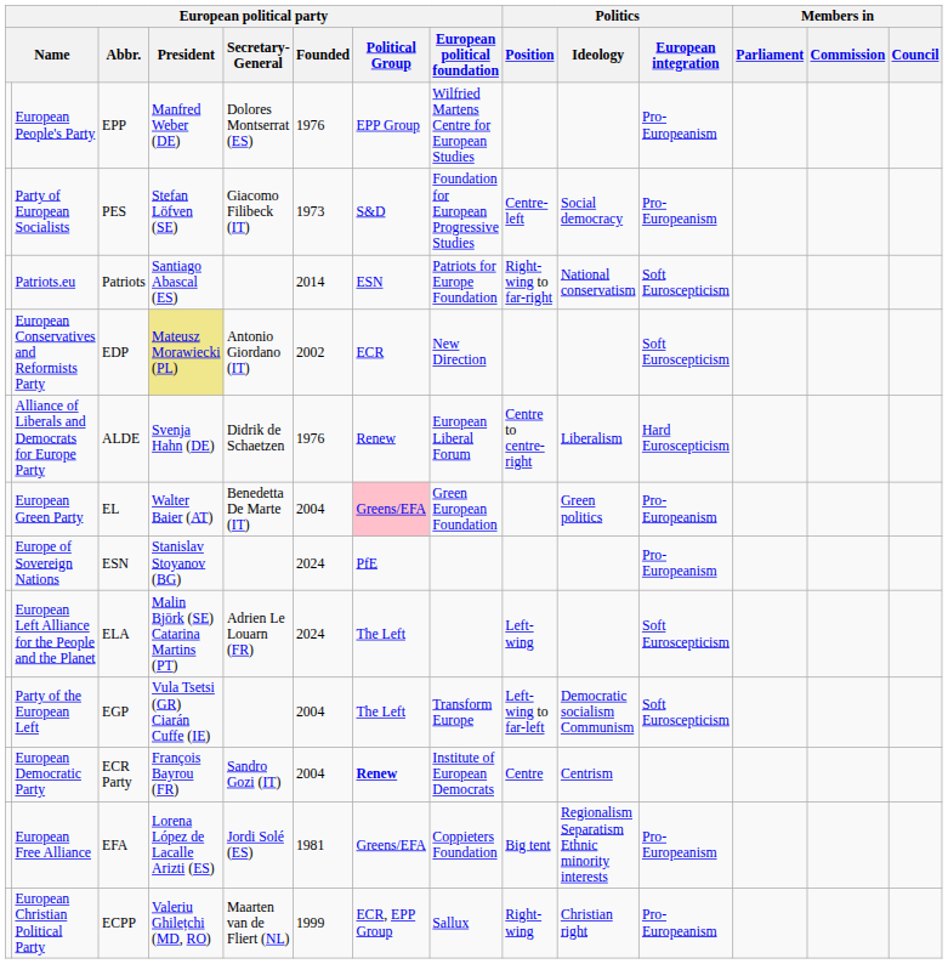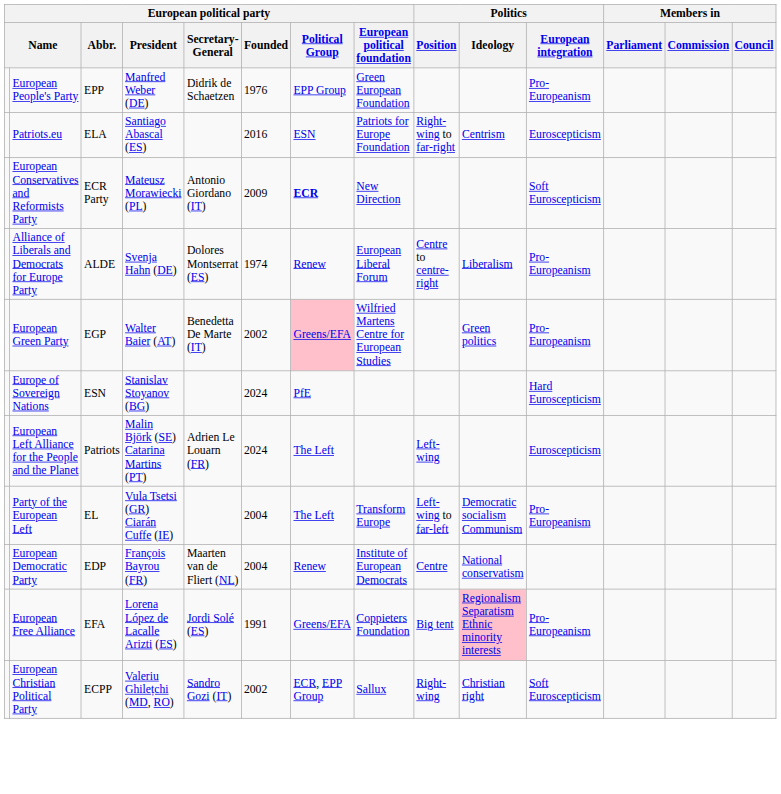 <table class="wikitable centre sortable">
 <tr>
 <th colspan="8">European political party</th>
 <th colspan="3">Politics</th>
 <th colspan="3">Members in</th>
 </tr>
 <tr>
 <th colspan="2">Name</th>
 <th>Abbr.</th>
 <th>President</th>
 <th>Secretary-General</th>
 <th>Founded</th>
 <th><a href='#'>Political Group</a></th>
 <th><a href='#'>European political foundation</a></th>
 <th><a href='#'>Position</a></th>
 <th>Ideology</th>
 <th><a href='#'>European integration</a></th>
 <th><a href='#'>Parliament</a></th>
 <th><a href='#'>Commission</a></th>
 <th><a href='#'>Council</a></th>
 </tr>
 <tr>
 <td></td>
 <td><a href='#'>European People's Party</a></td>
 <td>EPP</td>
 <td><a href='#'>Manfred Weber</a> (<a href='#'>DE</a>)</td>
-<td>Dolores Montserrat (<a href='#'>ES</a>)</td>
+<td>Didrik de Schaetzen</td>
 <td>1976</td>
 <td><a href='#'>EPP Group</a></td>
-<td><a href='#'>Wilfried Martens Centre for European Studies</a></td>
+<td><a href='#'>Green European Foundation</a></td>
 <td></td>
 <td></td>
 <td><a href='#'>Pro-Europeanism</a></td>
 <td></td>
 <td></td>
 <td><br></td>
 </tr>
 <tr>
 <td></td>
-<td><a href='#'>Party of European Socialists</a></td>
-<td>PES</td>
-<td><a href='#'>Stefan Löfven</a> (<a href='#'>SE</a>)</td>
-<td>Giacomo Filibeck (<a href='#'>IT</a>)</td>
-<td>1973</td>
-<td><a href='#'>S&D</a></td>
-<td><a href='#'>Foundation for European Progressive Studies</a></td>
-<td><a href='#'>Centre-left</a></td>
-<td><a href='#'>Social democracy</a></td>
-<td><a href='#'>Pro-Europeanism</a></td>
-<td></td>
-<td></td>
-<td><br></td>
-</tr>
-<tr>
-<td></td>
 <td><a href='#'>Patriots.eu</a></td>
-<td>Patriots</td>
+<td>ELA</td>
 <td><a href='#'>Santiago Abascal</a> (<a href='#'>ES</a>)</td>
 <td></td>
-<td>2014</td>
+<td>2016</td>
 <td><a href='#'>ESN</a></td>
 <td><a href='#'>Patriots for Europe Foundation</a></td>
 <td><a href='#'>Right-wing</a> to <a href='#'>far-right</a></td>
-<td><a href='#'>National conservatism</a> </td>
-<td><a href='#'>Soft Euroscepticism</a></td>
+<td><a href='#'>Centrism</a></td>
+<td><a href='#'>Euroscepticism</a></td>
 <td></td>
 <td></td>
 <td><br></td>
 </tr>
 <tr>
 <td></td>
 <td><a href='#'>European Conservatives and Reformists Party</a></td>
-<td>EDP</td>
-<td style="background: khaki;"><a href='#'>Mateusz Morawiecki</a> (<a href='#'>PL</a>)</td>
+<td>ECR Party</td>
+<td><a href='#'>Mateusz Morawiecki</a> (<a href='#'>PL</a>)</td>
 <td>Antonio Giordano (<a href='#'>IT</a>)</td>
-<td>2002</td>
-<td><a href='#'>ECR</a></td>
+<td>2009</td>
+<td><strong><a href='#'>ECR</a></strong></td>
 <td><a href='#'>New Direction</a></td>
 <td></td>
 <td></td>
 <td><a href='#'>Soft Euroscepticism</a></td>
 <td></td>
 <td></td>
 <td><br></td>
 </tr>
 <tr>
 <td></td>
 <td><a href='#'>Alliance of Liberals and Democrats for Europe Party</a></td>
 <td>ALDE</td>
 <td><a href='#'>Svenja Hahn</a> (<a href='#'>DE</a>)</td>
-<td>Didrik de Schaetzen</td>
-<td>1976</td>
+<td>Dolores Montserrat (<a href='#'>ES</a>)</td>
+<td>1974</td>
 <td><a href='#'>Renew</a></td>
 <td><a href='#'>European Liberal Forum</a></td>
 <td><a href='#'>Centre</a> to <a href='#'>centre-right</a></td>
 <td><a href='#'>Liberalism</a></td>
-<td><a href='#'>Hard Euroscepticism</a></td>
+<td><a href='#'>Pro-Europeanism</a></td>
 <td></td>
 <td></td>
 <td><br></td>
 </tr>
 <tr>
 <td></td>
 <td><a href='#'>European Green Party</a></td>
-<td>EL</td>
+<td>EGP</td>
 <td><a href='#'>Walter Baier</a> (<a href='#'>AT</a>)</td>
 <td>Benedetta De Marte (<a href='#'>IT</a>)</td>
-<td>2004</td>
+<td>2002</td>
 <td style="background: pink;"><a href='#'>Greens/EFA</a></td>
-<td><a href='#'>Green European Foundation</a></td>
+<td><a href='#'>Wilfried Martens Centre for European Studies</a></td>
 <td></td>
 <td><a href='#'>Green politics</a></td>
 <td><a href='#'>Pro-Europeanism</a></td>
 <td></td>
 <td></td>
 <td><br></td>
 </tr>
 <tr>
 <td></td>
 <td><a href='#'>Europe of Sovereign Nations</a></td>
 <td>ESN</td>
 <td><a href='#'>Stanislav Stoyanov</a> (<a href='#'>BG</a>)</td>
 <td></td>
 <td>2024</td>
 <td><a href='#'>PfE</a></td>
 <td></td>
 <td></td>
 <td></td>
+<td><a href='#'>Hard Euroscepticism</a></td>
+<td></td>
+<td></td>
+<td><br></td>
+</tr>
+<tr>
+<td></td>
+<td><a href='#'>European Left Alliance for the People and the Planet</a></td>
+<td>Patriots</td>
+<td><a href='#'>Malin Björk</a> (<a href='#'>SE</a>)<br><a href='#'>Catarina Martins</a> (<a href='#'>PT</a>)</td>
+<td>Adrien Le Louarn (<a href='#'>FR</a>)</td>
+<td>2024</td>
+<td><a href='#'>The Left</a></td>
+<td></td>
+<td><a href='#'>Left-wing</a></td>
+<td></td>
+<td><a href='#'>Euroscepticism</a></td>
+<td></td>
+<td></td>
+<td><br></td>
+</tr>
+<tr>
+<td></td>
+<td><a href='#'>Party of the European Left</a></td>
+<td>EL</td>
+<td><a href='#'>Vula Tsetsi</a> (<a href='#'>GR</a>)<br><a href='#'>Ciarán Cuffe</a> (<a href='#'>IE</a>)</td>
+<td></td>
+<td>2004</td>
+<td><a href='#'>The Left</a></td>
+<td><a href='#'>Transform Europe</a></td>
+<td><a href='#'>Left-wing</a> to <a href='#'>far-left</a></td>
+<td><a href='#'>Democratic socialism</a><br> <a href='#'>Communism</a></td>
 <td><a href='#'>Pro-Europeanism</a></td>
 <td></td>
 <td></td>
 <td><br></td>
 </tr>
 <tr>
 <td></td>
-<td><a href='#'>European Left Alliance for the People and the Planet</a></td>
-<td>ELA</td>
-<td><a href='#'>Malin Björk</a> (<a href='#'>SE</a>)<br><a href='#'>Catarina Martins</a> (<a href='#'>PT</a>)</td>
-<td>Adrien Le Louarn (<a href='#'>FR</a>)</td>
-<td>2024</td>
-<td><a href='#'>The Left</a></td>
-<td></td>
-<td><a href='#'>Left-wing</a></td>
-<td></td>
-<td><a href='#'>Soft Euroscepticism</a></td>
-<td></td>
-<td></td>
-<td><br></td>
-</tr>
-<tr>
-<td></td>
-<td><a href='#'>Party of the European Left</a></td>
-<td>EGP</td>
-<td><a href='#'>Vula Tsetsi</a> (<a href='#'>GR</a>)<br><a href='#'>Ciarán Cuffe</a> (<a href='#'>IE</a>)</td>
-<td></td>
+<td><a href='#'>European Democratic Party</a></td>
+<td>EDP</td>
+<td><a href='#'>François Bayrou</a> (<a href='#'>FR</a>)</td>
+<td>Maarten van de Fliert (<a href='#'>NL</a>)</td>
 <td>2004</td>
-<td><a href='#'>The Left</a></td>
-<td><a href='#'>Transform Europe</a></td>
-<td><a href='#'>Left-wing</a> to <a href='#'>far-left</a></td>
-<td><a href='#'>Democratic socialism</a><br> <a href='#'>Communism</a></td>
-<td><a href='#'>Soft Euroscepticism</a></td>
-<td></td>
-<td></td>
-<td><br></td>
-</tr>
-<tr>
-<td></td>
-<td><a href='#'>European Democratic Party</a></td>
-<td>ECR Party</td>
-<td><a href='#'>François Bayrou</a> (<a href='#'>FR</a>)</td>
-<td><a href='#'>Sandro Gozi</a> (<a href='#'>IT</a>)</td>
-<td>2004</td>
-<td><strong><a href='#'>Renew</a></strong></td>
+<td><a href='#'>Renew</a></td>
 <td><a href='#'>Institute of European Democrats</a></td>
 <td><a href='#'>Centre</a></td>
-<td><a href='#'>Centrism</a></td>
+<td><a href='#'>National conservatism</a> </td>
 <td></td>
 <td></td>
 <td></td>
 <td><br></td>
 </tr>
 <tr>
 <td></td>
 <td><a href='#'>European Free Alliance</a></td>
 <td>EFA</td>
 <td><a href='#'>Lorena López de Lacalle Arizti</a> (<a href='#'>ES</a>)</td>
 <td><a href='#'>Jordi Solé</a> (<a href='#'>ES</a>)</td>
-<td>1981</td>
+<td>1991</td>
 <td><a href='#'>Greens/EFA</a></td>
 <td><a href='#'>Coppieters Foundation</a></td>
 <td><a href='#'>Big tent</a></td>
-<td><a href='#'>Regionalism</a> <br> <a href='#'>Separatism</a> <br> <a href='#'>Ethnic minority interests</a></td>
+<td style="background: pink;"><a href='#'>Regionalism</a> <br> <a href='#'>Separatism</a> <br> <a href='#'>Ethnic minority interests</a></td>
 <td><a href='#'>Pro-Europeanism</a></td>
 <td></td>
 <td></td>
 <td><br></td>
 </tr>
 <tr>
 <td></td>
 <td><a href='#'>European Christian Political Party</a></td>
 <td>ECPP</td>
 <td><a href='#'>Valeriu Ghilețchi</a> (<a href='#'>MD</a>, <a href='#'>RO</a>)</td>
-<td>Maarten van de Fliert (<a href='#'>NL</a>)</td>
-<td>1999</td>
+<td><a href='#'>Sandro Gozi</a> (<a href='#'>IT</a>)</td>
+<td>2002</td>
 <td><a href='#'>ECR</a>, <a href='#'>EPP Group</a></td>
 <td><a href='#'>Sallux</a></td>
 <td><a href='#'>Right-wing</a></td>
 <td><a href='#'>Christian right</a> <br> </td>
-<td><a href='#'>Pro-Europeanism</a></td>
+<td><a href='#'>Soft Euroscepticism</a></td>
 <td></td>
 <td></td>
 <td><br></td>
 </tr>
 </table>
